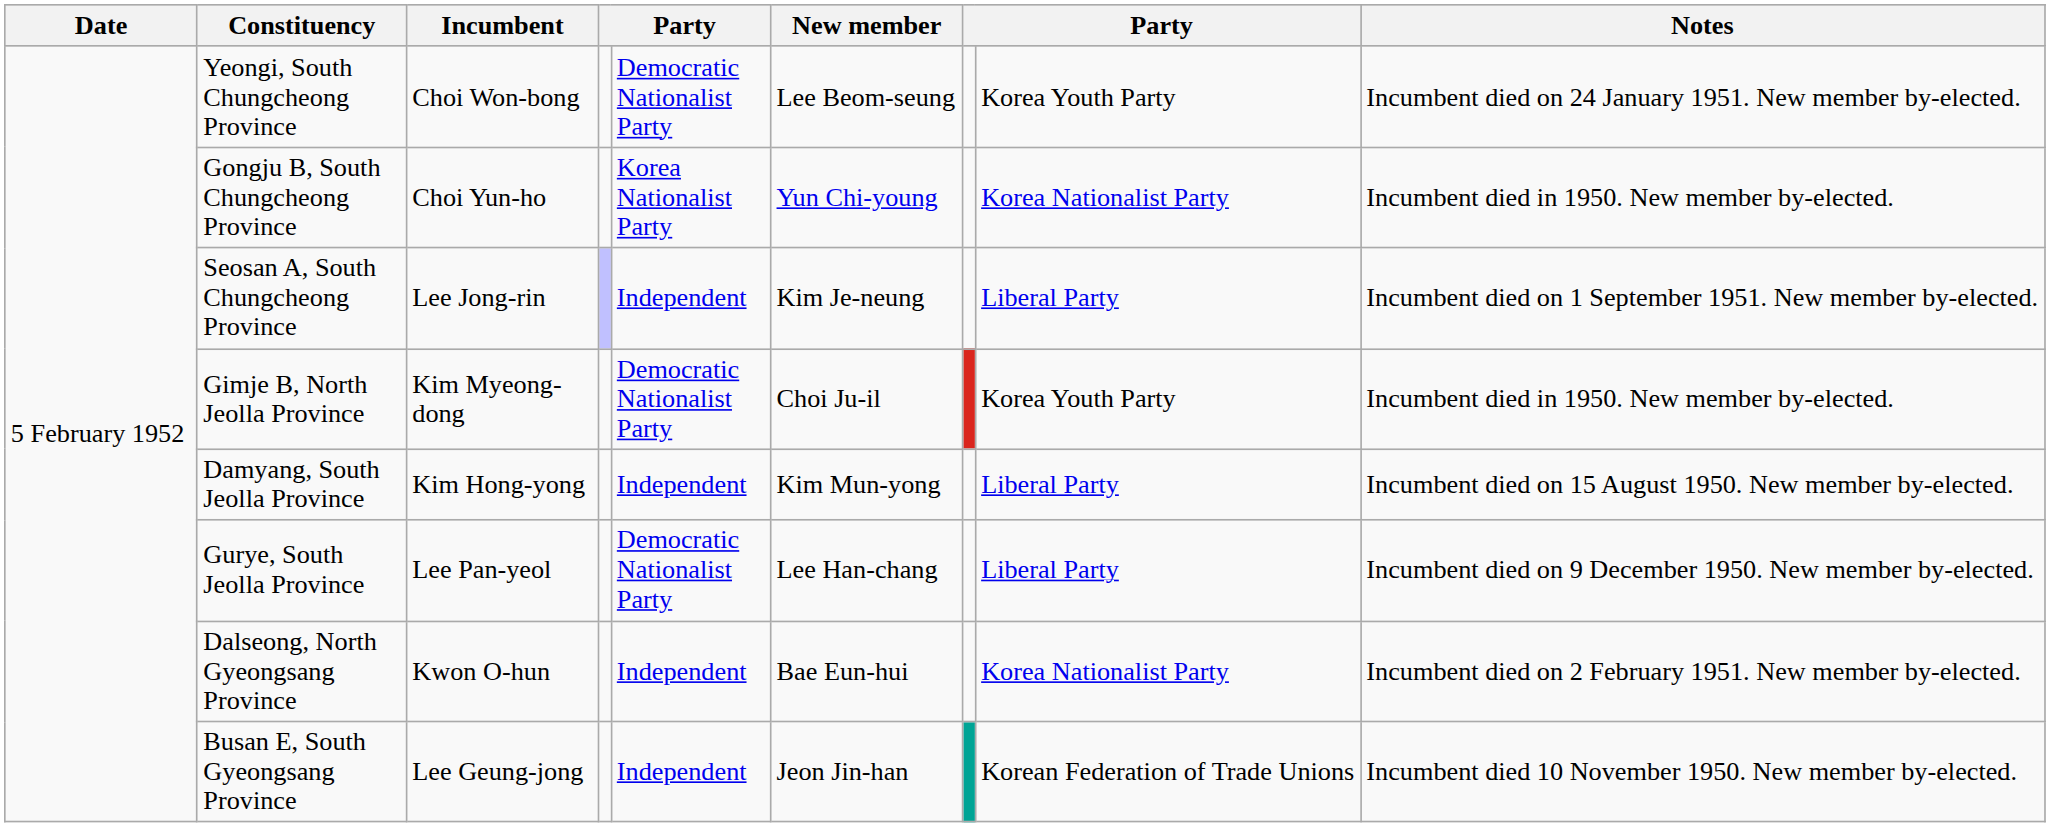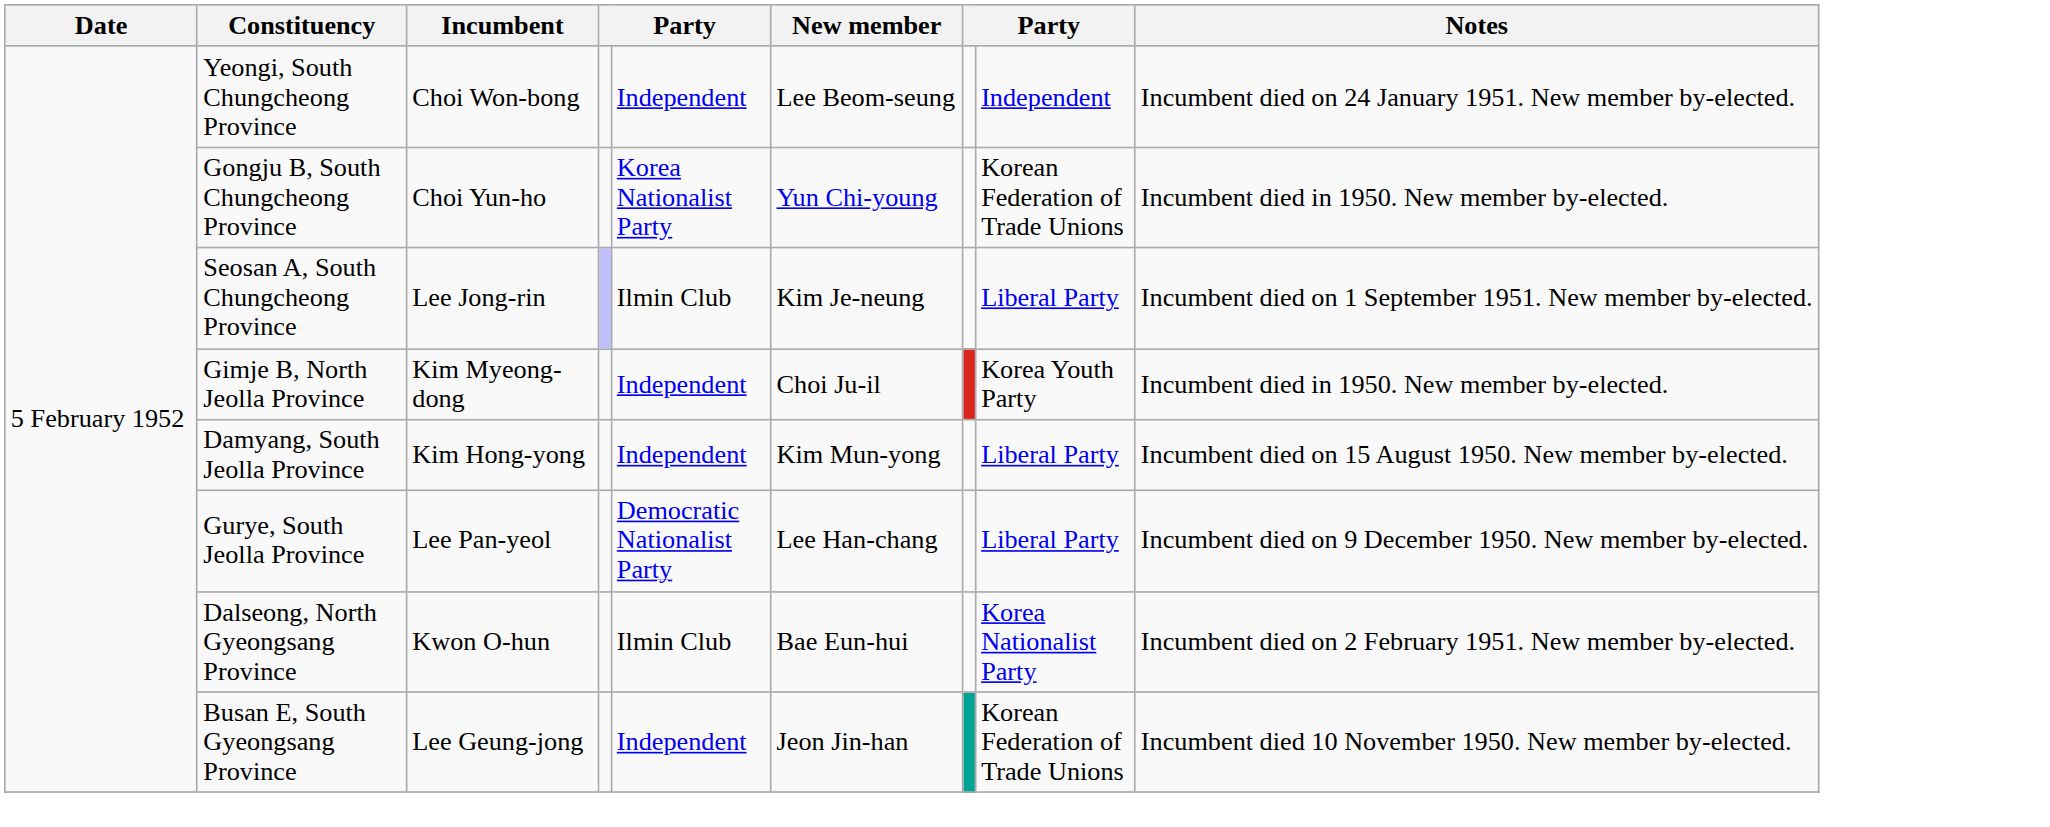 <table class="wikitable sortable plainrowheaders">
 <tr>
 <th width="110px">Date</th>
 <th width="120px">Constituency</th>
 <th width="110px">Incumbent</th>
 <th colspan="2">Party</th>
 <th width="110px">New member</th>
 <th colspan="2">Party</th>
 <th class="unsortable">Notes</th>
 </tr>
 <tr>
 <td rowspan="8">5 February 1952</td>
 <td>Yeongi, South Chungcheong Province</td>
 <td>Choi Won-bong</td>
 <td bgcolor=></td>
-<td><a href='#'>Democratic Nationalist Party</a></td>
+<td width="90px"><a href='#'>Independent</a></td>
 <td>Lee Beom-seung</td>
 <td bgcolor=></td>
-<td>Korea Youth Party</td>
+<td width="90px"><a href='#'>Independent</a></td>
 <td>Incumbent died on 24 January 1951. New member by-elected.</td>
 </tr>
 <tr>
 <td>Gongju B, South Chungcheong Province</td>
 <td>Choi Yun-ho</td>
 <td></td>
 <td><a href='#'>Korea Nationalist Party</a></td>
 <td><a href='#'>Yun Chi-young</a></td>
 <td></td>
-<td><a href='#'>Korea Nationalist Party</a></td>
+<td>Korean Federation of Trade Unions</td>
 <td>Incumbent died in 1950. New member by-elected.</td>
 </tr>
 <tr>
 <td>Seosan A, South Chungcheong Province</td>
 <td>Lee Jong-rin</td>
 <td bgcolor=#c0c0ff></td>
-<td width="90px"><a href='#'>Independent</a></td>
+<td>Ilmin Club</td>
 <td>Kim Je-neung</td>
 <td bgcolor=></td>
 <td><a href='#'>Liberal Party</a></td>
 <td>Incumbent died on 1 September 1951. New member by-elected.</td>
 </tr>
 <tr>
 <td>Gimje B, North Jeolla Province</td>
 <td>Kim Myeong-dong</td>
 <td></td>
-<td><a href='#'>Democratic Nationalist Party</a></td>
+<td><a href='#'>Independent</a></td>
 <td>Choi Ju-il</td>
 <td bgcolor=#DA251D></td>
 <td>Korea Youth Party</td>
 <td>Incumbent died in 1950. New member by-elected.</td>
 </tr>
 <tr>
 <td>Damyang, South Jeolla Province</td>
 <td>Kim Hong-yong</td>
 <td></td>
 <td><a href='#'>Independent</a></td>
 <td>Kim Mun-yong</td>
 <td></td>
 <td><a href='#'>Liberal Party</a></td>
 <td>Incumbent died on 15 August 1950. New member by-elected.</td>
 </tr>
 <tr>
 <td>Gurye, South Jeolla Province</td>
 <td>Lee Pan-yeol</td>
 <td></td>
 <td><a href='#'>Democratic Nationalist Party</a></td>
 <td>Lee Han-chang</td>
 <td></td>
 <td><a href='#'>Liberal Party</a></td>
 <td>Incumbent died on 9 December 1950. New member by-elected.</td>
 </tr>
 <tr>
 <td>Dalseong, North Gyeongsang Province</td>
 <td>Kwon O-hun</td>
 <td></td>
-<td><a href='#'>Independent</a></td>
+<td>Ilmin Club</td>
 <td>Bae Eun-hui</td>
 <td></td>
 <td><a href='#'>Korea Nationalist Party</a></td>
 <td>Incumbent died on 2 February 1951. New member by-elected.</td>
 </tr>
 <tr>
 <td>Busan E, South Gyeongsang Province</td>
 <td>Lee Geung-jong</td>
 <td></td>
 <td><a href='#'>Independent</a></td>
 <td>Jeon Jin-han</td>
 <td bgcolor=#00a495></td>
 <td>Korean Federation of Trade Unions</td>
 <td>Incumbent died 10 November 1950. New member by-elected.</td>
 </tr>
 </table>
